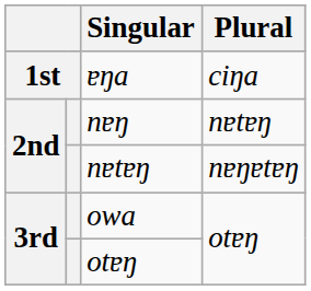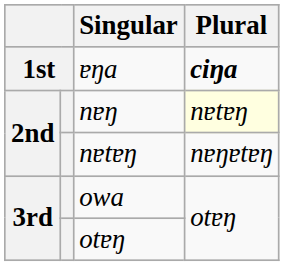 <table class="wikitable">
 <tr>
 <th colspan="2"></th>
 <th>Singular</th>
 <th>Plural</th>
 </tr>
 <tr>
 <th colspan="2">1st</th>
 <td><em>ɐŋa</em></td>
-<td><em>ciŋa</em></td>
+<td><strong><em>ciŋa</em></strong></td>
 </tr>
 <tr>
 <th rowspan="2">2nd</th>
 <th></th>
 <td><em>nɐŋ</em></td>
-<td><em>nɐtɐŋ</em></td>
+<td style="background: lightyellow;"><em>nɐtɐŋ</em></td>
 </tr>
 <tr>
 <th></th>
 <td><em>nɐtɐŋ</em></td>
 <td><em>nɐŋɐtɐŋ</em></td>
 </tr>
 <tr>
 <th rowspan="2">3rd</th>
 <th></th>
 <td><em>owa</em></td>
 <td rowspan="2"><em>otɐŋ</em></td>
 </tr>
 <tr>
 <th></th>
 <td><em>otɐŋ</em></td>
 </tr>
 </table>
